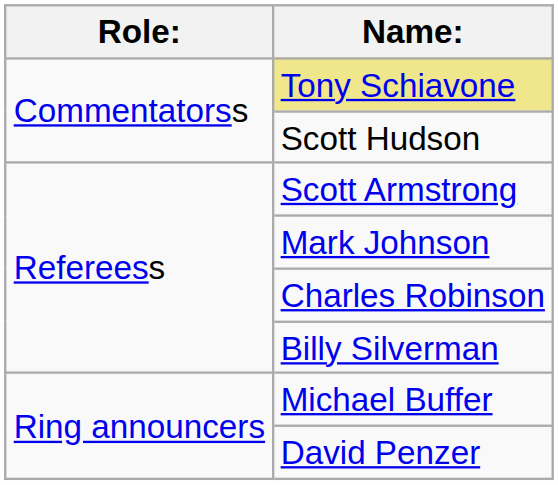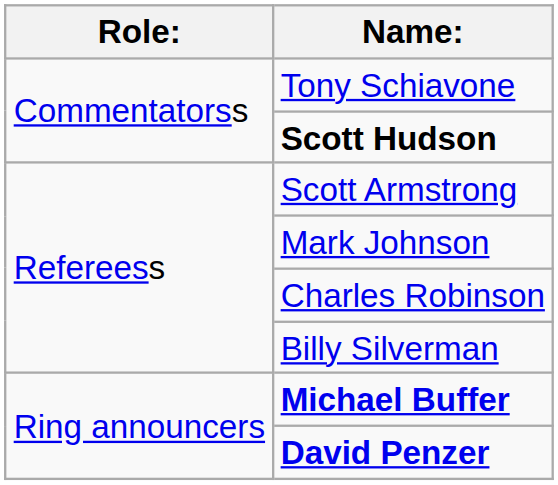 <table class=wikitable style="font-size:90%; margin: 0.5em 0 0.5em 1em; float: right; clear: right;">
 <tr>
 <th>Role:</th>
 <th>Name:</th>
 </tr>
 <tr>
 <td rowspan=2><a href='#'>Commentators</a>s</td>
-<td style="background: khaki;"><a href='#'>Tony Schiavone</a></td>
+<td><a href='#'>Tony Schiavone</a></td>
 </tr>
 <tr>
-<td>Scott Hudson</td>
+<td><strong>Scott Hudson</strong></td>
 </tr>
 <tr>
 <td rowspan=4><a href='#'>Referees</a>s</td>
 <td><a href='#'>Scott Armstrong</a></td>
 </tr>
 <tr>
 <td><a href='#'>Mark Johnson</a></td>
 </tr>
 <tr>
 <td><a href='#'>Charles Robinson</a></td>
 </tr>
 <tr>
 <td><a href='#'>Billy Silverman</a></td>
 </tr>
 <tr>
 <td rowspan=2><a href='#'>Ring announcers</a></td>
-<td><a href='#'>Michael Buffer</a> </td>
+<td><strong><a href='#'>Michael Buffer</a> </strong></td>
 </tr>
 <tr>
-<td><a href='#'>David Penzer</a></td>
+<td><strong><a href='#'>David Penzer</a></strong></td>
 </tr>
 </table>
